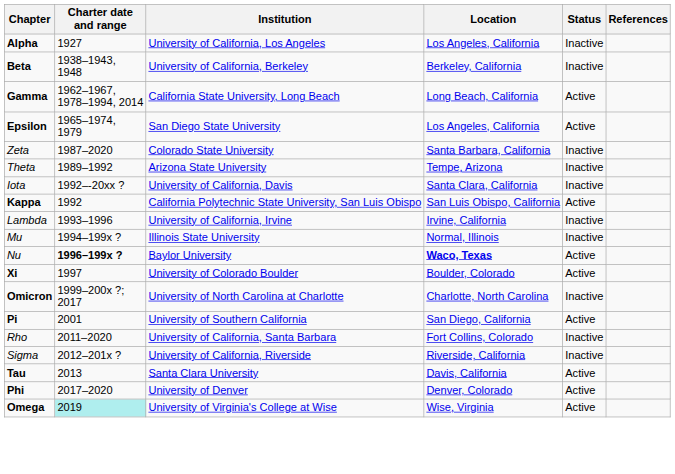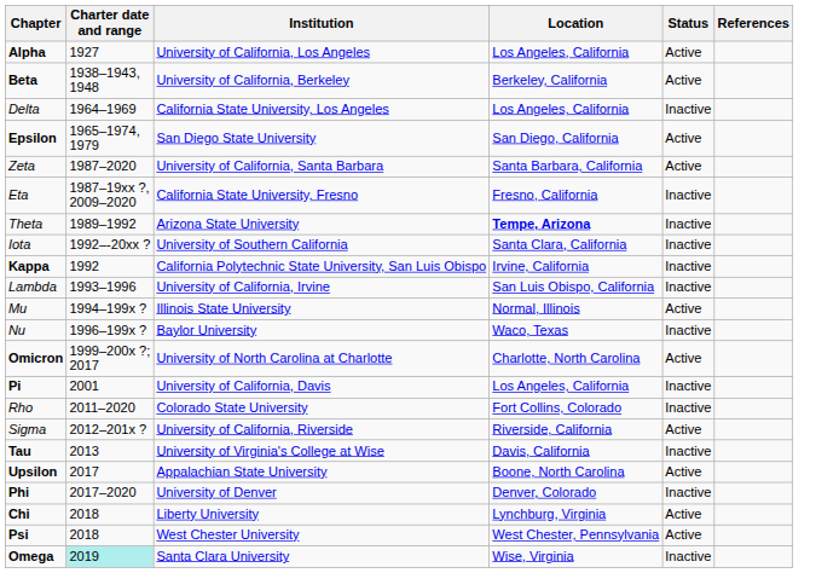 <table class="wikitable sortable">
 <tr>
 <th>Chapter</th>
 <th>Charter date<br>and range</th>
 <th>Institution</th>
 <th>Location</th>
 <th>Status</th>
 <th>References</th>
 </tr>
 <tr>
 <td><strong>Alpha</strong></td>
 <td>1927</td>
 <td><a href='#'>University of California, Los Angeles</a></td>
 <td><a href='#'>Los Angeles, California</a></td>
-<td>Inactive</td>
+<td>Active</td>
 <td></td>
 </tr>
 <tr>
 <td><strong>Beta</strong></td>
 <td>1938–1943,<br>1948</td>
 <td><a href='#'>University of California, Berkeley</a></td>
 <td><a href='#'>Berkeley, California</a></td>
-<td>Inactive</td>
+<td>Active</td>
 <td></td>
 </tr>
 <tr>
-<td><strong>Gamma</strong></td>
-<td>1962–1967,<br>1978–1994,  2014</td>
-<td><a href='#'>California State University, Long Beach</a></td>
-<td><a href='#'>Long Beach, California</a></td>
-<td>Active</td>
+<td><em>Delta</em></td>
+<td>1964–1969</td>
+<td><a href='#'>California State University, Los Angeles</a></td>
+<td><a href='#'>Los Angeles, California</a></td>
+<td>Inactive</td>
 <td></td>
 </tr>
 <tr>
 <td><strong>Epsilon</strong></td>
 <td>1965–1974,<br>1979</td>
 <td><a href='#'>San Diego State University</a></td>
-<td><a href='#'>Los Angeles, California</a></td>
+<td><a href='#'>San Diego, California</a></td>
 <td>Active</td>
 <td></td>
 </tr>
 <tr>
 <td><em>Zeta</em></td>
 <td>1987–2020</td>
-<td><a href='#'>Colorado State University</a></td>
+<td><a href='#'>University of California, Santa Barbara</a></td>
 <td><a href='#'>Santa Barbara, California</a></td>
+<td>Active</td>
+<td></td>
+</tr>
+<tr>
+<td><em>Eta</em></td>
+<td>1987–19xx ?,<br>2009–2020</td>
+<td><a href='#'>California State University, Fresno</a></td>
+<td><a href='#'>Fresno, California</a></td>
 <td>Inactive</td>
 <td></td>
 </tr>
 <tr>
 <td><em>Theta</em></td>
 <td>1989–1992</td>
 <td><a href='#'>Arizona State University</a></td>
-<td><a href='#'>Tempe, Arizona</a></td>
+<td><strong><a href='#'>Tempe, Arizona</a></strong></td>
 <td>Inactive</td>
 <td></td>
 </tr>
 <tr>
 <td><em>Iota</em></td>
 <td>1992–-20xx ?</td>
-<td><a href='#'>University of California, Davis</a></td>
+<td><a href='#'>University of Southern California</a></td>
 <td><a href='#'>Santa Clara, California</a></td>
 <td>Inactive</td>
 <td></td>
 </tr>
 <tr>
 <td><strong>Kappa</strong></td>
 <td>1992</td>
 <td><a href='#'>California Polytechnic State University, San Luis Obispo</a></td>
-<td><a href='#'>San Luis Obispo, California</a></td>
-<td>Active</td>
+<td><a href='#'>Irvine, California</a></td>
+<td>Inactive</td>
 <td></td>
 </tr>
 <tr>
 <td><em>Lambda</em></td>
 <td>1993–1996</td>
 <td><a href='#'>University of California, Irvine</a></td>
-<td><a href='#'>Irvine, California</a></td>
+<td><a href='#'>San Luis Obispo, California</a></td>
 <td>Inactive</td>
 <td></td>
 </tr>
 <tr>
 <td><em>Mu</em></td>
 <td>1994–199x ?</td>
 <td><a href='#'>Illinois State University</a></td>
 <td><a href='#'>Normal, Illinois</a></td>
-<td>Inactive</td>
+<td>Active</td>
 <td></td>
 </tr>
 <tr>
 <td><em>Nu</em></td>
-<td><strong>1996–199x ?</strong></td>
+<td>1996–199x ?</td>
 <td><a href='#'>Baylor University</a></td>
-<td><strong><a href='#'>Waco, Texas</a></strong></td>
-<td>Active</td>
-<td></td>
-</tr>
-<tr>
-<td><strong>Xi</strong></td>
-<td>1997</td>
-<td><a href='#'>University of Colorado Boulder</a></td>
-<td><a href='#'>Boulder, Colorado</a></td>
-<td>Active</td>
+<td><a href='#'>Waco, Texas</a></td>
+<td>Inactive</td>
 <td></td>
 </tr>
 <tr>
 <td><strong>Omicron</strong></td>
 <td>1999–200x ?;<br>2017</td>
 <td><a href='#'>University of North Carolina at Charlotte</a></td>
 <td><a href='#'>Charlotte, North Carolina</a></td>
-<td>Inactive</td>
+<td>Active</td>
 <td></td>
 </tr>
 <tr>
 <td><strong>Pi</strong></td>
 <td>2001</td>
-<td><a href='#'>University of Southern California</a></td>
-<td><a href='#'>San Diego, California</a></td>
-<td>Active</td>
+<td><a href='#'>University of California, Davis</a></td>
+<td><a href='#'>Los Angeles, California</a></td>
+<td>Inactive</td>
 <td></td>
 </tr>
 <tr>
 <td><em>Rho</em></td>
 <td>2011–2020</td>
-<td><a href='#'>University of California, Santa Barbara</a></td>
+<td><a href='#'>Colorado State University</a></td>
 <td><a href='#'>Fort Collins, Colorado</a></td>
 <td>Inactive</td>
 <td></td>
 </tr>
 <tr>
 <td><em>Sigma</em></td>
 <td>2012–201x ?</td>
 <td><a href='#'>University of California, Riverside</a></td>
 <td><a href='#'>Riverside, California</a></td>
-<td>Inactive</td>
+<td>Active</td>
 <td></td>
 </tr>
 <tr>
 <td><strong>Tau</strong></td>
 <td>2013</td>
-<td><a href='#'>Santa Clara University</a></td>
+<td><a href='#'>University of Virginia's College at Wise</a></td>
 <td><a href='#'>Davis, California</a></td>
+<td>Inactive</td>
+<td></td>
+</tr>
+<tr>
+<td><strong>Upsilon</strong></td>
+<td>2017</td>
+<td><a href='#'>Appalachian State University</a></td>
+<td><a href='#'>Boone, North Carolina</a></td>
 <td>Active</td>
 <td></td>
 </tr>
 <tr>
 <td><strong>Phi</strong></td>
 <td>2017–2020</td>
 <td><a href='#'>University of Denver</a></td>
 <td><a href='#'>Denver, Colorado</a></td>
+<td>Inactive</td>
+<td></td>
+</tr>
+<tr>
+<td><strong>Chi</strong></td>
+<td>2018</td>
+<td><a href='#'>Liberty University</a></td>
+<td><a href='#'>Lynchburg, Virginia</a></td>
+<td>Active</td>
+<td></td>
+</tr>
+<tr>
+<td><strong>Psi</strong></td>
+<td>2018</td>
+<td><a href='#'>West Chester University</a></td>
+<td><a href='#'>West Chester, Pennsylvania</a></td>
 <td>Active</td>
 <td></td>
 </tr>
 <tr>
 <td><strong>Omega</strong></td>
 <td style="background: paleturquoise;">2019</td>
-<td><a href='#'>University of Virginia's College at Wise</a></td>
+<td><a href='#'>Santa Clara University</a></td>
 <td><a href='#'>Wise, Virginia</a></td>
-<td>Active</td>
+<td>Inactive</td>
 <td></td>
 </tr>
 </table>
